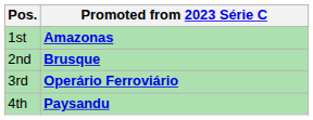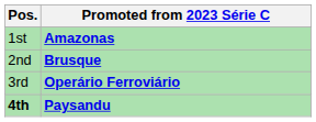 <table class="wikitable">
 <tr>
 <th align="center">Pos.</th>
 <th width="300">Promoted from <a href='#'>2023 Série C</a></th>
 </tr>
 <tr style="background: #ACE1AF;">
 <td>1st</td>
 <td><strong><a href='#'>Amazonas</a></strong></td>
 </tr>
 <tr style="background: #ACE1AF;">
 <td>2nd</td>
 <td><strong><a href='#'>Brusque</a></strong></td>
 </tr>
 <tr style="background: #ACE1AF;">
 <td>3rd</td>
 <td><strong><a href='#'>Operário Ferroviário</a></strong></td>
 </tr>
 <tr style="background: #ACE1AF;">
-<td>4th</td>
+<td><strong>4th</strong></td>
 <td><strong><a href='#'>Paysandu</a></strong></td>
 </tr>
 </table>
